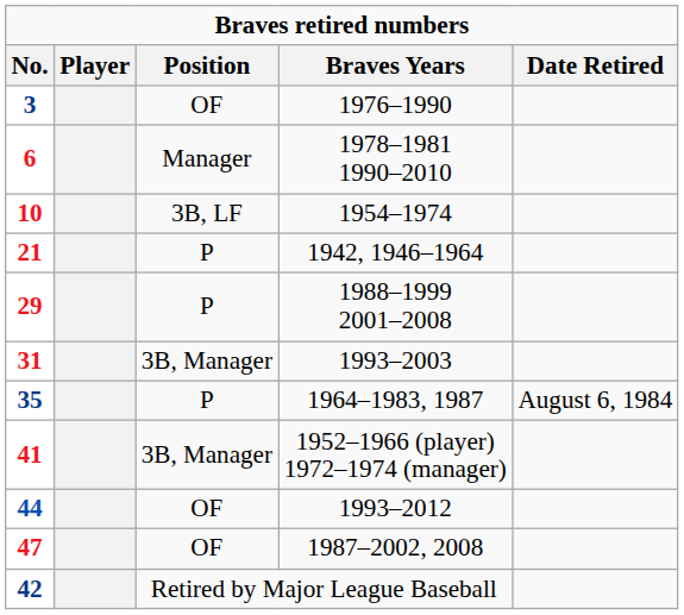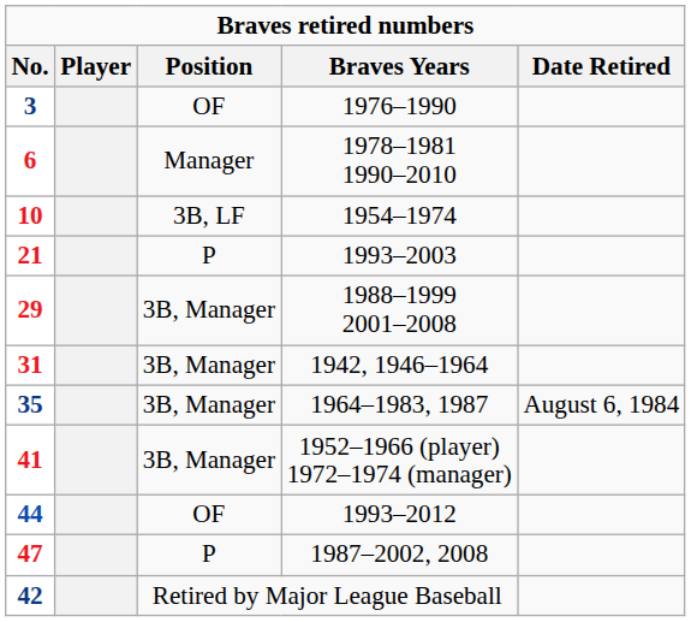 <table class="wikitable" style="text-align:center">
 <tr>
 <td colspan=6><strong>Braves retired numbers</strong></td>
 </tr>
 <tr>
 <th>No.</th>
 <th>Player</th>
 <th>Position</th>
 <th>Braves Years</th>
 <th>Date Retired</th>
 </tr>
 <tr>
 <td align="center" style="color:#083884; background-color:#fff;"><strong>3</strong></td>
 <th scope="row"></th>
 <td>OF</td>
 <td>1976–1990</td>
 <td></td>
 </tr>
 <tr>
 <td align="center" style="color:#ed171f; background-color:#fff;"><strong>6</strong></td>
 <th scope="row"></th>
 <td>Manager</td>
 <td>1978–1981<br>1990–2010</td>
 <td></td>
 </tr>
 <tr>
 <td align="center" style="color:#ed171f; background-color:#fff;"><strong>10</strong></td>
 <th scope="row"></th>
 <td>3B, LF</td>
 <td>1954–1974</td>
 <td></td>
 </tr>
 <tr>
 <td align="center" style="color:#ed171f; background-color:#fff;"><strong>21</strong></td>
 <th scope="row"></th>
 <td>P</td>
-<td>1942, 1946–1964</td>
+<td>1993–2003</td>
 <td></td>
 </tr>
 <tr>
 <td align="center" style="color:#ed171f; background-color:#fff;"><strong>29</strong></td>
 <th scope="row"></th>
-<td>P</td>
+<td>3B, Manager</td>
 <td>1988–1999<br>2001–2008</td>
 <td></td>
 </tr>
 <tr>
 <td align="center" style="color:#ed171f; background-color:#fff;"><strong>31</strong></td>
 <th scope="row"></th>
 <td>3B, Manager</td>
-<td>1993–2003</td>
+<td>1942, 1946–1964</td>
 <td></td>
 </tr>
 <tr>
 <td align="center" style="color:#083884; background-color:#fff;"><strong>35</strong></td>
 <th scope="row"></th>
-<td>P</td>
+<td>3B, Manager</td>
 <td>1964–1983, 1987</td>
 <td>August 6, 1984</td>
 </tr>
 <tr>
 <td align="center" style="color:#ed171f; background-color:#fff;"><strong>41</strong></td>
 <th scope="row"></th>
 <td>3B, Manager</td>
 <td>1952–1966 (player)<br>1972–1974 (manager)</td>
 <td></td>
 </tr>
 <tr>
 <td align="center" style="color:#0b4cb4; background-color:#fff;"><strong>44</strong></td>
 <th scope="row"></th>
 <td>OF</td>
 <td>1993–2012</td>
 <td></td>
 </tr>
 <tr>
 <td align="center" style="color:#ed171f; background-color:#fff;"><strong>47</strong></td>
 <th scope="row"></th>
-<td>OF</td>
+<td>P</td>
 <td>1987–2002, 2008</td>
 <td></td>
 </tr>
 <tr>
 <td align="center" style="color:#083884; background-color:#fff;"><strong>42</strong></td>
 <th scope="row"></th>
 <td colspan=2 align="center">Retired by Major League Baseball</td>
 <td></td>
 </tr>
 </table>
